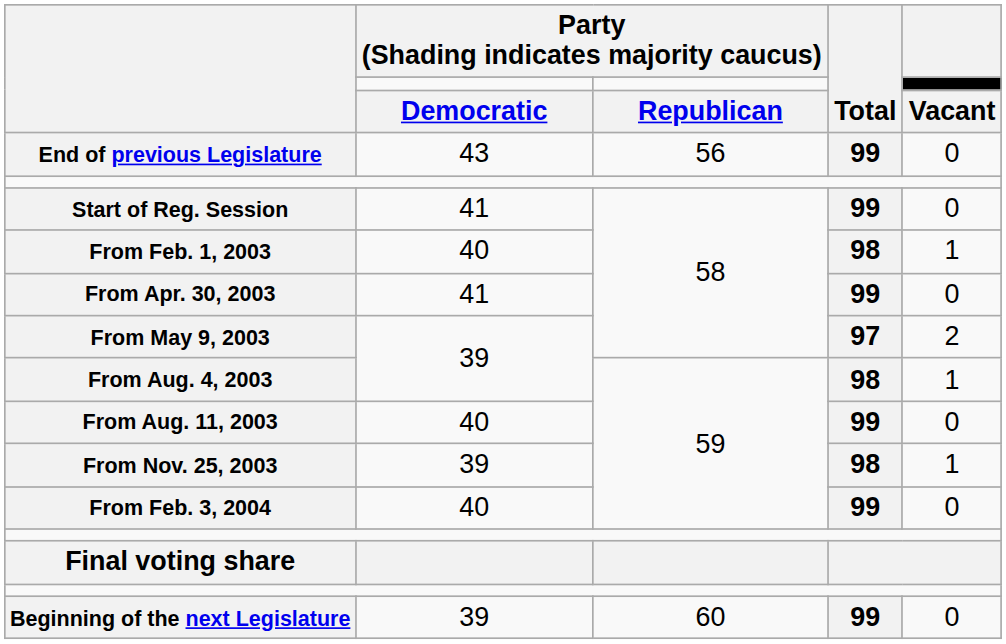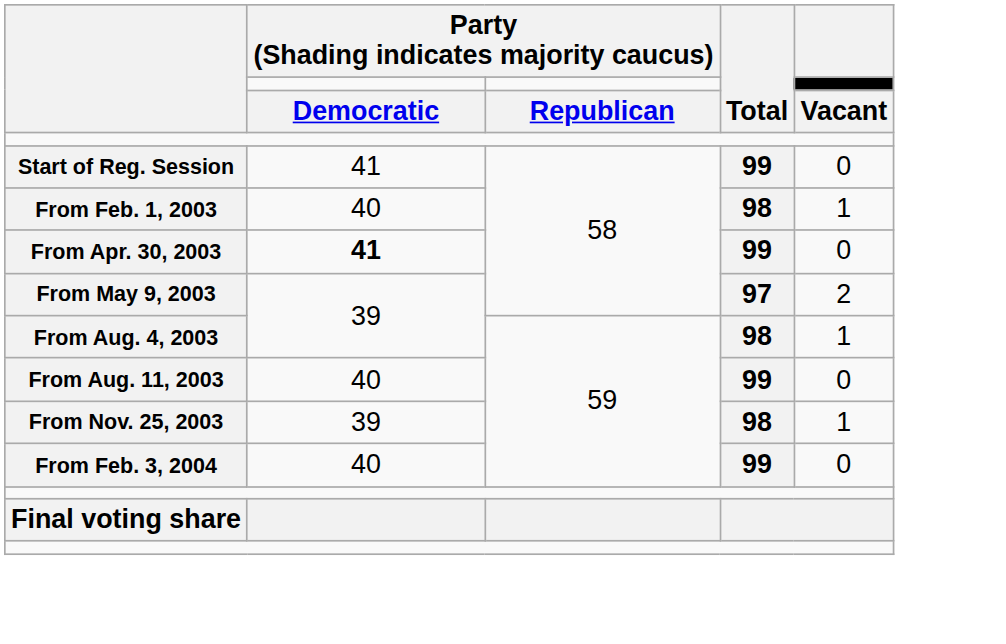 <table class=wikitable style="text-align:center">
 <tr style="vertical-align:bottom;">
 <th rowspan=3></th>
 <th colspan=2>Party <div>(Shading indicates majority caucus)</div></th>
 <th rowspan=3>Total</th>
 <th></th>
 </tr>
 <tr style="height:5px">
 <td style="background-color:"></td>
 <td style="background-color:"></td>
 <td style="background-color:black"></td>
 </tr>
 <tr>
 <th><a href='#'>Democratic</a></th>
 <th><a href='#'>Republican</a></th>
 <th>Vacant</th>
-</tr>
-<tr>
-<th nowrap style="font-size:80%">End of <a href='#'>previous Legislature</a></th>
-<td>43</td>
-<td>56</td>
-<th>99</th>
-<td>0</td>
 </tr>
 <tr>
 <td colspan=5></td>
 </tr>
 <tr>
 <th nowrap style="font-size:80%">Start of Reg. Session</th>
 <td>41</td>
 <td rowspan="4" >58</td>
 <th>99</th>
 <td>0</td>
 </tr>
 <tr>
 <th nowrap style="font-size:80%">From Feb. 1, 2003</th>
 <td>40</td>
 <th>98</th>
 <td>1</td>
 </tr>
 <tr>
 <th nowrap style="font-size:80%">From Apr. 30, 2003</th>
-<td>41</td>
+<td><strong>41</strong></td>
 <th>99</th>
 <td>0</td>
 </tr>
 <tr>
 <th nowrap style="font-size:80%">From May 9, 2003</th>
 <td rowspan="2">39</td>
 <th>97</th>
 <td>2</td>
 </tr>
 <tr>
 <th nowrap style="font-size:80%">From Aug. 4, 2003</th>
 <td rowspan="4" >59</td>
 <th>98</th>
 <td>1</td>
 </tr>
 <tr>
 <th nowrap style="font-size:80%">From Aug. 11, 2003</th>
 <td>40</td>
 <th>99</th>
 <td>0</td>
 </tr>
 <tr>
 <th nowrap style="font-size:80%">From Nov. 25, 2003</th>
 <td>39</td>
 <th>98</th>
 <td>1</td>
 </tr>
 <tr>
 <th nowrap style="font-size:80%">From Feb. 3, 2004</th>
 <td>40</td>
 <th>99</th>
 <td>0</td>
 </tr>
 <tr>
 <td colspan=5></td>
 </tr>
 <tr>
 <th>Final voting share</th>
 <th></th>
 <th></th>
 <th colspan=2></th>
 </tr>
 <tr>
 <td colspan=5></td>
 </tr>
-<tr>
-<th style="white-space:nowrap; font-size:80%;">Beginning of the <a href='#'>next Legislature</a></th>
-<td>39</td>
-<td>60</td>
-<th>99</th>
-<td>0</td>
-</tr>
 </table>
